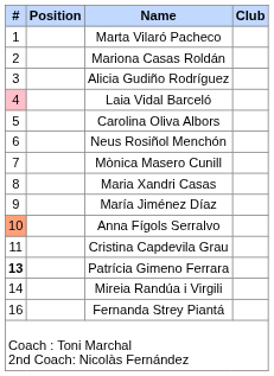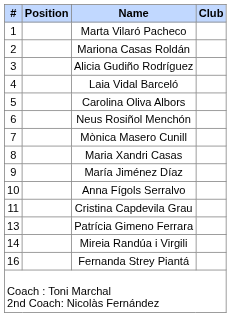 <table border=1 style="border-collapse:collapse; font-size:90%;" cellpadding=3 cellspacing=0>
 <tr bgcolor=#C1D8FF>
 <th>#</th>
 <th>Position</th>
 <th>Name</th>
 <th>Club</th>
 </tr>
 <tr align=center>
 <td>1</td>
 <td></td>
 <td>Marta Vilaró Pacheco</td>
 <td></td>
 </tr>
 <tr align=center>
 <td>2</td>
 <td></td>
 <td>Mariona Casas Roldán</td>
 <td></td>
 </tr>
 <tr align=center>
 <td>3</td>
 <td></td>
 <td>Alicia Gudiño Rodríguez</td>
 <td></td>
 </tr>
 <tr align=center>
-<td style="background: pink;">4</td>
+<td>4</td>
 <td></td>
 <td>Laia Vidal Barceló</td>
 <td></td>
 </tr>
 <tr align=center>
 <td>5</td>
 <td></td>
 <td>Carolina Oliva Albors</td>
 <td></td>
 </tr>
 <tr align=center>
 <td>6</td>
 <td></td>
 <td>Neus Rosiñol Menchón</td>
 <td></td>
 </tr>
 <tr align=center>
 <td>7</td>
 <td></td>
 <td>Mònica Masero Cunill</td>
 <td></td>
 </tr>
 <tr align=center>
 <td>8</td>
 <td></td>
 <td>Maria Xandri Casas</td>
 <td></td>
 </tr>
 <tr align=center>
 <td>9</td>
 <td></td>
 <td>María Jiménez Díaz</td>
 <td></td>
 </tr>
 <tr align=center>
-<td style="background: lightsalmon;">10</td>
+<td>10</td>
 <td></td>
 <td>Anna Fígols Serralvo</td>
 <td></td>
 </tr>
 <tr align=center>
 <td>11</td>
 <td></td>
 <td>Cristina Capdevila Grau</td>
 <td></td>
 </tr>
 <tr align=center>
-<td><strong>13</strong></td>
+<td>13</td>
 <td></td>
 <td>Patrícia Gimeno Ferrara</td>
 <td></td>
 </tr>
 <tr align=center>
 <td>14</td>
 <td></td>
 <td>Mireia Randúa i Virgili</td>
 <td></td>
 </tr>
 <tr align=center>
 <td>16</td>
 <td></td>
 <td>Fernanda Strey Piantá</td>
 <td></td>
 </tr>
 <tr>
 <td colspan=4><br>Coach : Toni Marchal<br>2nd Coach: Nicolàs Fernández</td>
 </tr>
 </table>
